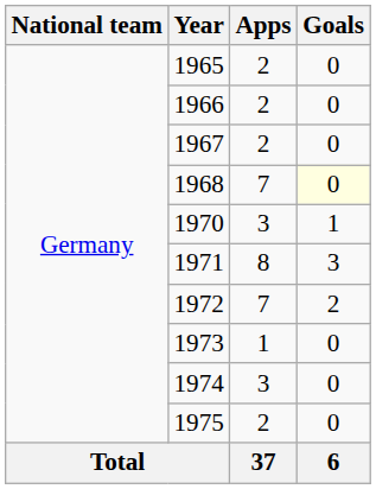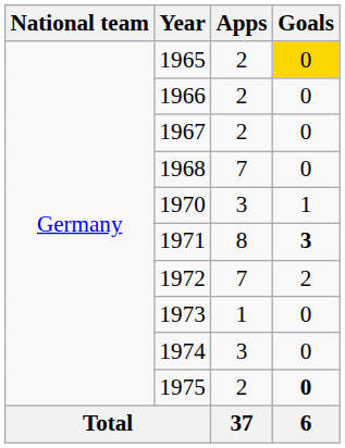 <table class="wikitable" style="text-align:center">
 <tr>
 <th>National team</th>
 <th>Year</th>
 <th>Apps</th>
 <th>Goals</th>
 </tr>
 <tr>
 <td rowspan="10"><a href='#'>Germany</a></td>
 <td>1965</td>
 <td>2</td>
-<td>0</td>
+<td style="background: gold;">0</td>
 </tr>
 <tr>
 <td>1966</td>
 <td>2</td>
 <td>0</td>
 </tr>
 <tr>
 <td>1967</td>
 <td>2</td>
 <td>0</td>
 </tr>
 <tr>
 <td>1968</td>
 <td>7</td>
-<td style="background: lightyellow;">0</td>
+<td>0</td>
 </tr>
 <tr>
 <td>1970</td>
 <td>3</td>
 <td>1</td>
 </tr>
 <tr>
 <td>1971</td>
 <td>8</td>
-<td>3</td>
+<td><strong>3</strong></td>
 </tr>
 <tr>
 <td>1972</td>
 <td>7</td>
 <td>2</td>
 </tr>
 <tr>
 <td>1973</td>
 <td>1</td>
 <td>0</td>
 </tr>
 <tr>
 <td>1974</td>
 <td>3</td>
 <td>0</td>
 </tr>
 <tr>
 <td>1975</td>
 <td>2</td>
-<td>0</td>
+<td><strong>0</strong></td>
 </tr>
 <tr>
 <th colspan="2">Total</th>
 <th>37</th>
 <th>6</th>
 </tr>
 </table>
